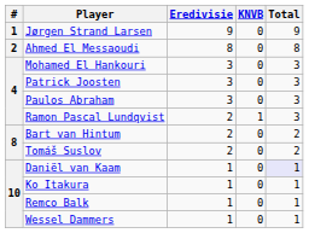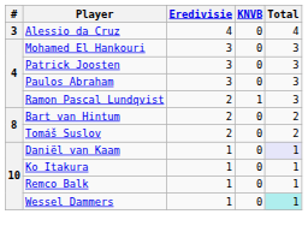 <table class="wikitable" style="text-align:right;">
 <tr>
 <th>#</th>
 <th>Player</th>
 <th><a href='#'>Eredivisie</a></th>
 <th><a href='#'>KNVB</a></th>
 <th>Total</th>
 </tr>
 <tr>
-<th align=center>1</th>
-<td align=left> <a href='#'>Jørgen Strand Larsen</a></td>
-<td>9</td>
+<th align=center>3</th>
+<td align=left> <a href='#'>Alessio da Cruz</a></td>
+<td>4</td>
 <td>0</td>
-<td>9</td>
-</tr>
-<tr>
-<th align=center>2</th>
-<td align=left> <a href='#'>Ahmed El Messaoudi</a></td>
-<td>8</td>
-<td>0</td>
-<td>8</td>
+<td>4</td>
 </tr>
 <tr>
 <th rowspan=4 align=center>4</th>
 <td align=left> <a href='#'>Mohamed El Hankouri</a></td>
 <td>3</td>
 <td>0</td>
 <td>3</td>
 </tr>
 <tr>
 <td align=left> <a href='#'>Patrick Joosten</a></td>
 <td>3</td>
 <td>0</td>
 <td>3</td>
 </tr>
 <tr>
 <td align=left> <a href='#'>Paulos Abraham</a></td>
 <td>3</td>
 <td>0</td>
 <td>3</td>
 </tr>
 <tr>
 <td align=left> <a href='#'>Ramon Pascal Lundqvist</a></td>
 <td>2</td>
 <td>1</td>
 <td>3</td>
 </tr>
 <tr>
 <th rowspan=2 align=left>8</th>
 <td align=left> <a href='#'>Bart van Hintum</a></td>
 <td>2</td>
 <td>0</td>
 <td>2</td>
 </tr>
 <tr>
 <td align=left> <a href='#'>Tomáš Suslov</a></td>
 <td>2</td>
 <td>0</td>
 <td>2</td>
 </tr>
 <tr>
 <th rowspan=4 align=center>10</th>
 <td align=left> <a href='#'>Daniël van Kaam</a></td>
 <td>1</td>
 <td>0</td>
 <td style="background: lavender;">1</td>
 </tr>
 <tr>
 <td align=left> <a href='#'>Ko Itakura</a></td>
 <td>1</td>
 <td>0</td>
 <td>1</td>
 </tr>
 <tr>
 <td align=left> <a href='#'>Remco Balk</a></td>
 <td>1</td>
 <td>0</td>
 <td>1</td>
 </tr>
 <tr>
 <td align=left> <a href='#'>Wessel Dammers</a></td>
 <td>1</td>
 <td>0</td>
-<td>1</td>
+<td style="background: paleturquoise;">1</td>
 </tr>
 </table>
